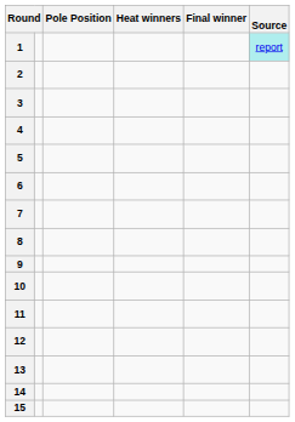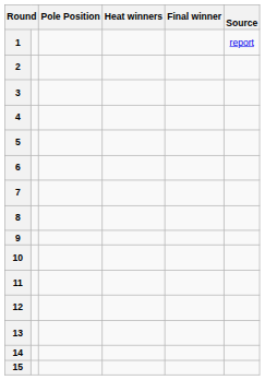 <table class="wikitable" style="font-size: 85%;">
 <tr>
 <th colspan="2">Round</th>
 <th>Pole Position</th>
 <th>Heat winners</th>
 <th>Final winner</th>
 <th><br>Source</th>
 </tr>
 <tr>
 <th>1</th>
 <td></td>
 <td></td>
 <td><br><br></td>
 <td></td>
-<td align=center style="background: paleturquoise;"><a href='#'>report</a></td>
+<td align=center><a href='#'>report</a></td>
 </tr>
 <tr>
 <th>2</th>
 <td></td>
 <td></td>
 <td><br><br></td>
 <td></td>
 <td align=center></td>
 </tr>
 <tr>
 <th>3</th>
 <td></td>
 <td></td>
 <td><br><br></td>
 <td></td>
 <td align=center></td>
 </tr>
 <tr>
 <th>4</th>
 <td></td>
 <td></td>
 <td><br><br></td>
 <td></td>
 <td align=center></td>
 </tr>
 <tr>
 <th>5</th>
 <td></td>
 <td></td>
 <td><br><br></td>
 <td></td>
 <td align=center></td>
 </tr>
 <tr>
 <th>6</th>
 <td></td>
 <td></td>
 <td><br><br></td>
 <td></td>
 <td align=center></td>
 </tr>
 <tr>
 <th>7</th>
 <td></td>
 <td></td>
 <td><br><br></td>
 <td></td>
 <td align=center></td>
 </tr>
 <tr>
 <th>8</th>
 <td></td>
 <td></td>
 <td><br><br></td>
 <td></td>
 <td align=center></td>
 </tr>
 <tr>
 <th>9</th>
 <td></td>
 <td align=center></td>
 <td></td>
 <td></td>
 <td align=center></td>
 </tr>
 <tr>
 <th>10</th>
 <td></td>
 <td></td>
 <td><br><br></td>
 <td></td>
 <td align=center></td>
 </tr>
 <tr>
 <th>11</th>
 <td></td>
 <td></td>
 <td><br><br></td>
 <td></td>
 <td align=center></td>
 </tr>
 <tr>
 <th>12</th>
 <td></td>
 <td></td>
 <td><br><br></td>
 <td></td>
 <td align=center></td>
 </tr>
 <tr>
 <th>13</th>
 <td></td>
 <td></td>
 <td><br><br></td>
 <td></td>
 <td align=center></td>
 </tr>
 <tr>
 <th>14</th>
 <td></td>
 <td></td>
 <td></td>
 <td></td>
 <td align=center></td>
 </tr>
 <tr>
 <th>15</th>
 <td></td>
 <td></td>
 <td></td>
 <td></td>
 <td align=center></td>
 </tr>
 </table>
